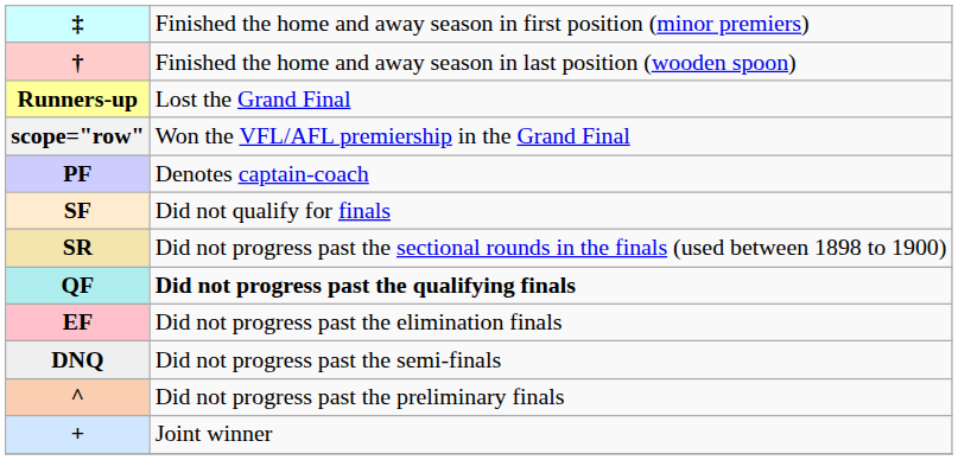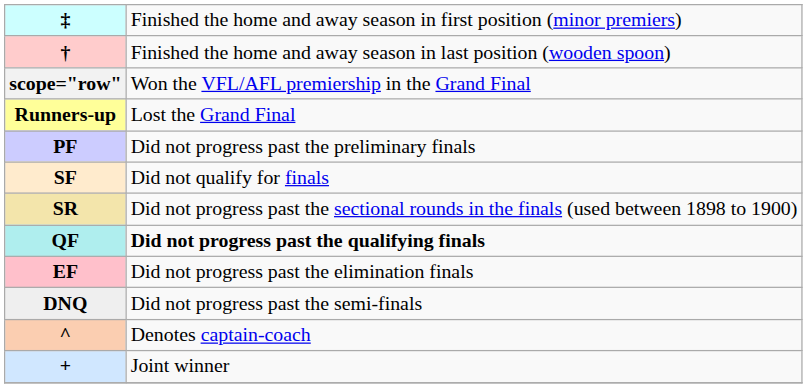 <table class="wikitable">
 <tr>
 <th scope="row" style="text-align:center; background:#CCFFFF">‡</th>
 <td>Finished the home and away season in first position (<a href='#'>minor premiers</a>)</td>
 </tr>
 <tr>
 <th scope="row" style="text-align:center; background:#fcc">†</th>
 <td>Finished the home and away season in last position (<a href='#'>wooden spoon</a>)</td>
 </tr>
 <tr>
+<th>scope="row" </th>
+<td>Won the <a href='#'>VFL/AFL premiership</a> in the <a href='#'>Grand Final</a></td>
+</tr>
+<tr>
 <th scope="row" style="text-align:center; background:#ff9;">Runners-up</th>
 <td>Lost the <a href='#'>Grand Final</a></td>
 </tr>
 <tr>
-<th>scope="row" </th>
-<td>Won the <a href='#'>VFL/AFL premiership</a> in the <a href='#'>Grand Final</a></td>
-</tr>
-<tr>
 <th scope="row" style="text-align:center; background:#ccf">PF</th>
-<td>Denotes <a href='#'>captain-coach</a></td>
+<td>Did not progress past the preliminary finals</td>
 </tr>
 <tr>
 <th scope="row" style="text-align:center; background:#ffebcd">SF</th>
 <td>Did not qualify for <a href='#'>finals</a></td>
 </tr>
 <tr>
 <th scope="row" style="text-align:center; background:#F3E5AB">SR</th>
 <td>Did not progress past the <a href='#'>sectional rounds in the finals</a> (used between 1898 to 1900)</td>
 </tr>
 <tr>
 <th scope="row" style="text-align:center; background:#afeeee">QF</th>
 <td><strong>Did not progress past the qualifying finals</strong></td>
 </tr>
 <tr>
 <th scope="row" style="text-align:center; background:#FFC0CB">EF</th>
 <td>Did not progress past the elimination finals</td>
 </tr>
 <tr>
 <th scope="row" style="text-align:center; background:#efefef">DNQ</th>
 <td>Did not progress past the semi-finals</td>
 </tr>
 <tr>
 <th scope="row" style="text-align:center; background:#FBCEB1">^</th>
-<td>Did not progress past the preliminary finals</td>
+<td>Denotes <a href='#'>captain-coach</a></td>
 </tr>
 <tr>
 <th scope="row" style="text-align:center; background:#d0e7ff">+</th>
 <td>Joint winner</td>
 </tr>
 <tr>
 </tr>
 </table>
